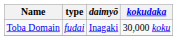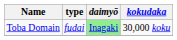 <table class=wikitable>
 <tr>
 <th>Name</th>
 <th>type</th>
 <th><em>daimyō</em></th>
 <th><em><a href='#'>kokudaka</a></em></th>
 </tr>
 <tr>
 <td><a href='#'>Toba Domain</a></td>
 <td><em><a href='#'>fudai</a></em></td>
-<td><a href='#'>Inagaki</a></td>
+<td style="background: lightgreen;"><a href='#'>Inagaki</a></td>
 <td>30,000 <em><a href='#'>koku</a></em></td>
 </tr>
 <tr>
 </tr>
 </table>
